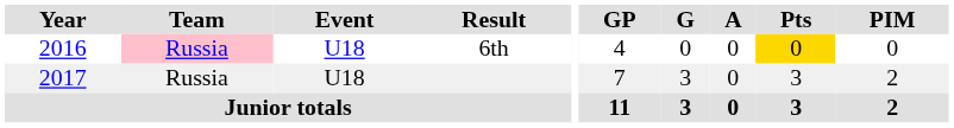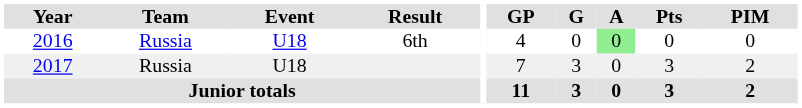 <table border="0" cellpadding="1" cellspacing="0" ID="Table3" style="text-align:center; width:40em">
 <tr bgcolor="#e0e0e0">
 <th>Year</th>
 <th>Team</th>
 <th>Event</th>
 <th>Result</th>
 <th rowspan="99" bgcolor="#ffffff"></th>
 <th>GP</th>
 <th>G</th>
 <th>A</th>
 <th>Pts</th>
 <th>PIM</th>
 </tr>
 <tr>
 <td><a href='#'>2016</a></td>
-<td style="background: pink;"><a href='#'>Russia</a></td>
+<td><a href='#'>Russia</a></td>
 <td><a href='#'>U18</a></td>
 <td>6th</td>
 <td>4</td>
 <td>0</td>
+<td style="background: lightgreen;">0</td>
 <td>0</td>
-<td style="background: gold;">0</td>
 <td>0</td>
 </tr>
 <tr bgcolor="#f0f0f0">
 <td><a href='#'>2017</a></td>
 <td>Russia</td>
 <td>U18</td>
 <td></td>
 <td>7</td>
 <td>3</td>
 <td>0</td>
 <td>3</td>
 <td>2</td>
 </tr>
 <tr bgcolor="#e0e0e0">
 <th colspan=4>Junior totals</th>
 <th>11</th>
 <th>3</th>
 <th>0</th>
 <th>3</th>
 <th>2</th>
 </tr>
 </table>
